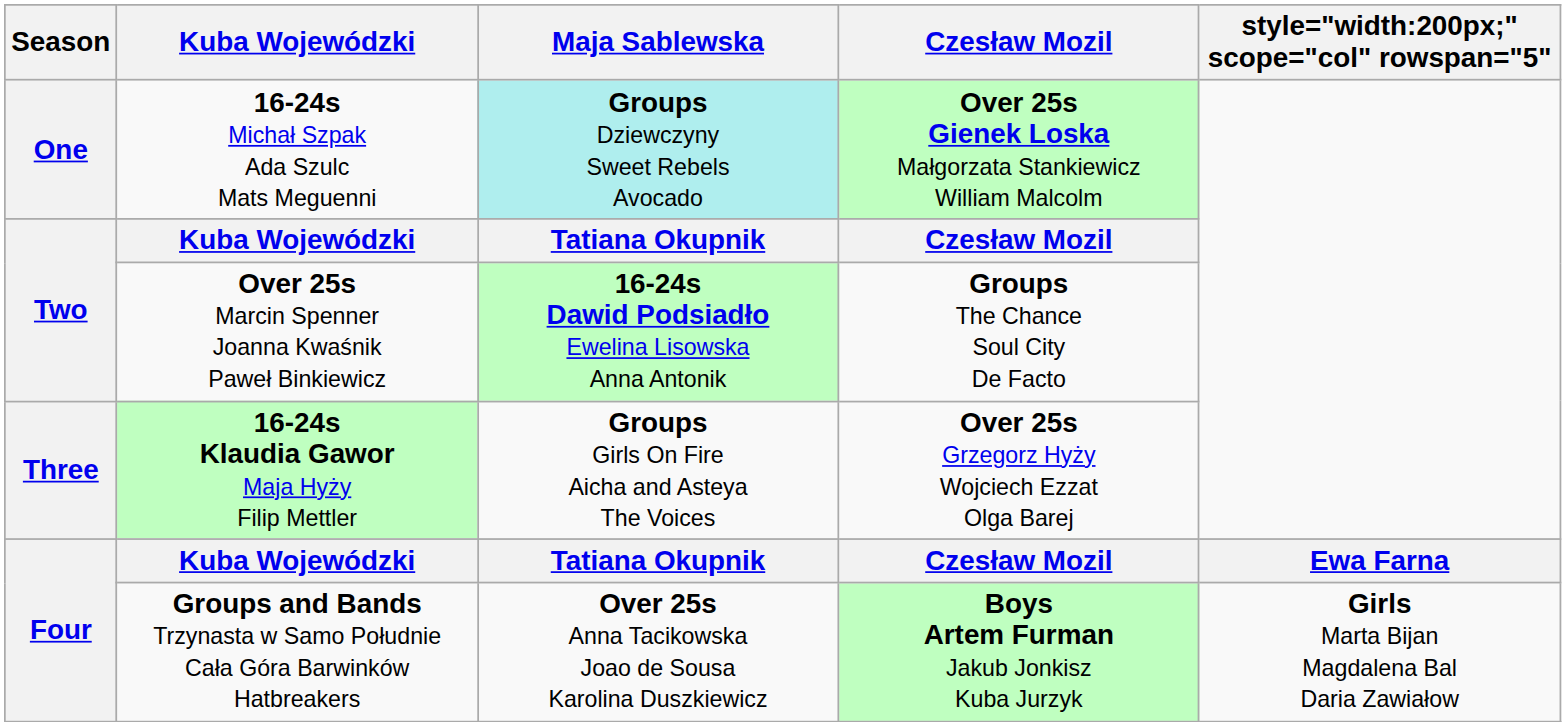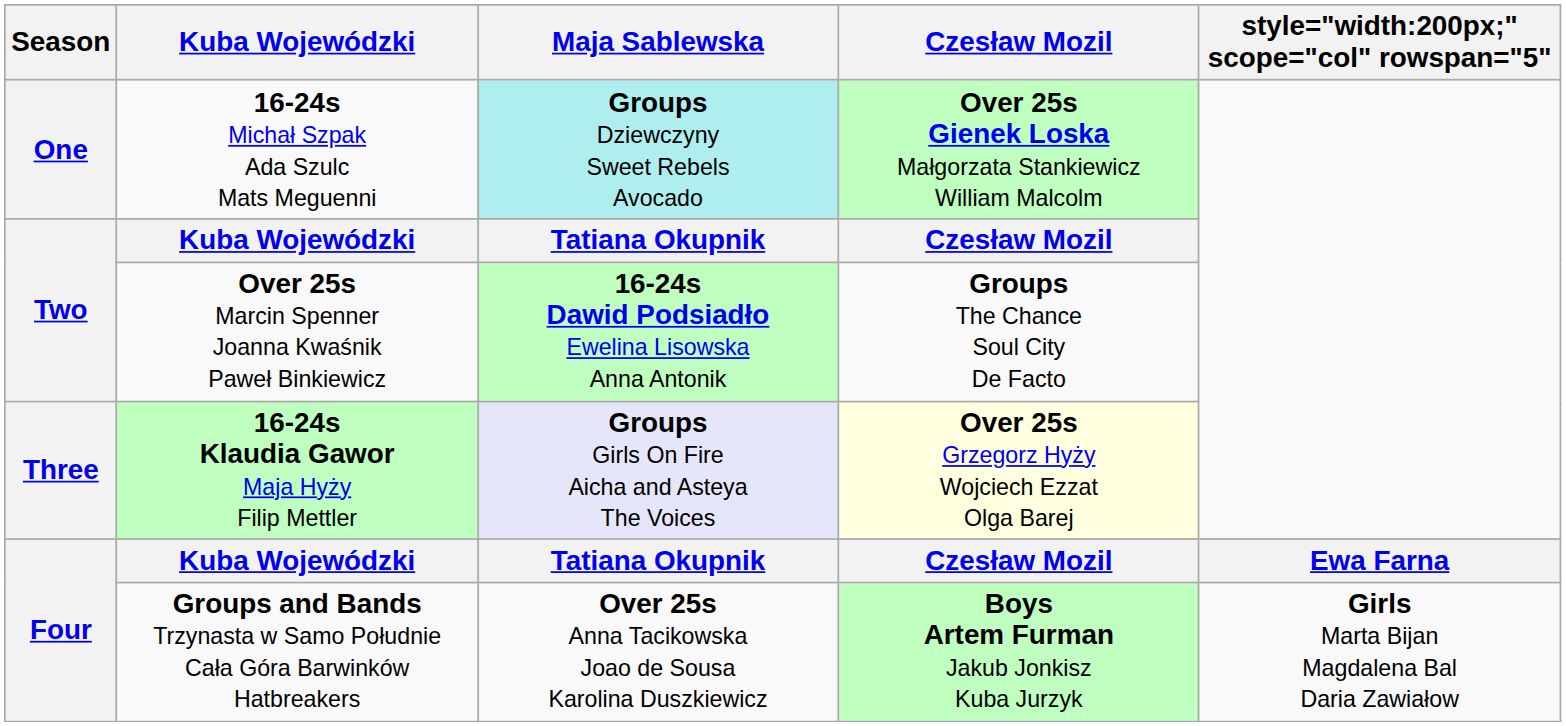 <table class="wikitable" style="text-align:center">
 <tr>
 <th style="width:50px;" scope="col">Season</th>
 <th style="width:200px;" scope="col"><a href='#'>Kuba Wojewódzki</a></th>
 <th style="width:200px;" scope="col"><a href='#'>Maja Sablewska</a></th>
 <th style="width:200px;" scope="col"><a href='#'>Czesław Mozil</a></th>
 <th>style="width:200px;" scope="col" rowspan="5" </th>
 </tr>
 <tr>
 <th scope="row"><a href='#'>One</a></th>
 <td><strong>16-24s</strong><br><small><a href='#'>Michał Szpak</a><br>Ada Szulc<br>Mats Meguenni</small></td>
 <td style="background: paleturquoise;"><strong>Groups</strong><br><small>Dziewczyny<br>Sweet Rebels<br>Avocado</small></td>
 <td style="background:#BFFFC0;"><strong>Over 25s</strong><br><strong><a href='#'>Gienek Loska</a></strong><br><small>Małgorzata Stankiewicz</small><br> <small>William Malcolm</small></td>
 </tr>
 <tr>
 <th scope="row" rowspan="2"><a href='#'>Two</a></th>
 <th style="width:200px;" scope="col"><a href='#'>Kuba Wojewódzki</a></th>
 <th style="width:200px;" scope="col"><a href='#'>Tatiana Okupnik</a></th>
 <th style="width:200px;" scope="col"><a href='#'>Czesław Mozil</a></th>
 </tr>
 <tr>
 <td><strong>Over 25s</strong><br><small>Marcin Spenner<br>Joanna Kwaśnik<br>Paweł Binkiewicz</small></td>
 <td style="background:#BFFFC0;"><strong>16-24s</strong><br><strong><a href='#'>Dawid Podsiadło</a></strong><br><small><a href='#'>Ewelina Lisowska</a><br>Anna Antonik</small></td>
 <td><strong>Groups</strong><br><small>The Chance<br>Soul City<br>De Facto</small></td>
 </tr>
 <tr>
 <th scope="row"><a href='#'>Three</a></th>
 <td style="background:#BFFFC0;"><strong>16-24s</strong> <br><strong>Klaudia Gawor</strong><br><small><a href='#'>Maja Hyży</a><br>Filip Mettler</small></td>
-<td><strong>Groups</strong> <br><small>Girls On Fire<br>Aicha and Asteya<br>The Voices</small></td>
-<td><strong>Over 25s</strong> <br><small><a href='#'>Grzegorz Hyży</a><br>Wojciech Ezzat<br>Olga Barej</small></td>
+<td style="background: lavender;"><strong>Groups</strong> <br><small>Girls On Fire<br>Aicha and Asteya<br>The Voices</small></td>
+<td style="background: lightyellow;"><strong>Over 25s</strong> <br><small><a href='#'>Grzegorz Hyży</a><br>Wojciech Ezzat<br>Olga Barej</small></td>
 </tr>
 <tr>
 <th scope="row" rowspan="2"><a href='#'>Four</a></th>
 <th style="width:200px;" scope="col"><a href='#'>Kuba Wojewódzki</a></th>
 <th style="width:200px;" scope="col"><a href='#'>Tatiana Okupnik</a></th>
 <th style="width:200px;" scope="col"><a href='#'>Czesław Mozil</a></th>
 <th style="width:200px;" scope="col"><a href='#'>Ewa Farna</a></th>
 </tr>
 <tr>
 <td><strong>Groups and Bands</strong> <br><small>Trzynasta w Samo Południe<br>Cała Góra Barwinków<br>Hatbreakers</small></td>
 <td><strong>Over 25s</strong> <br><small>Anna Tacikowska<br>Joao de Sousa<br>Karolina Duszkiewicz</small></td>
 <td style="background:#BFFFC0;"><strong>Boys</strong> <br><strong>Artem Furman</strong><br><small>Jakub Jonkisz<br>Kuba Jurzyk</small></td>
 <td><strong>Girls</strong> <br><small>Marta Bijan<br>Magdalena Bal<br>Daria Zawiałow</small></td>
 </tr>
 <tr>
 </tr>
 </table>
